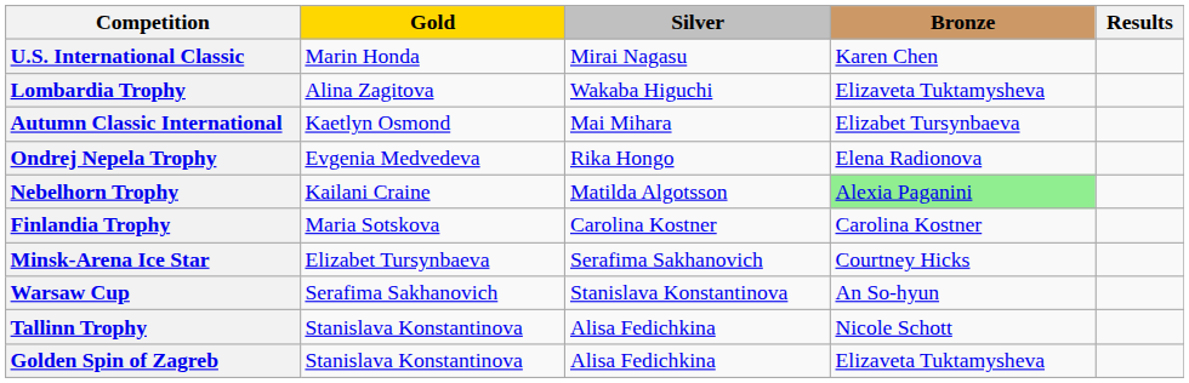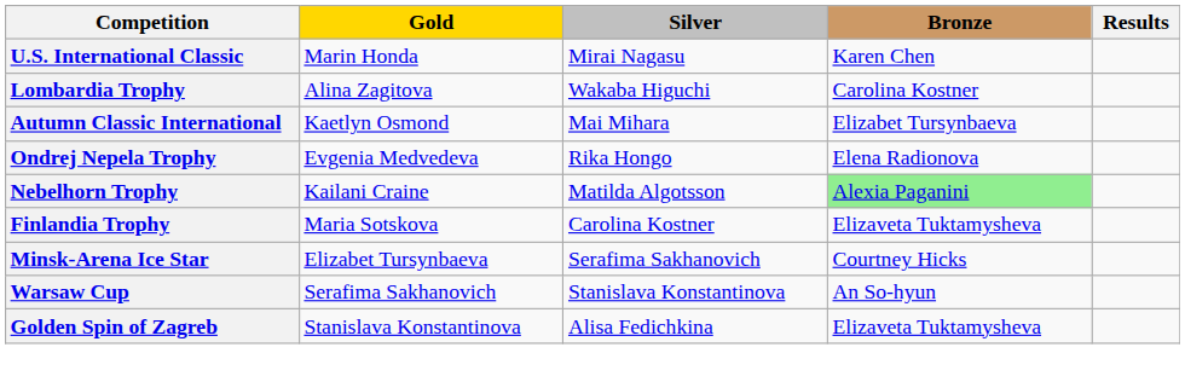 <table class="wikitable unsortable" style="text-align:left; width:100%;">
 <tr>
 <th scope="col" style="text-align:center; width:25%;">Competition</th>
 <td scope="col" style="text-align:center; width:22.5%; background:gold"><strong>Gold</strong></td>
 <td scope="col" style="text-align:center; width:22.5%; background:silver"><strong>Silver</strong></td>
 <td scope="col" style="text-align:center; width:22.5%; background:#c96"><strong>Bronze</strong></td>
 <th scope="col" style="text-align:center; width:7.5%;">Results</th>
 </tr>
 <tr>
 <th scope="row" style="text-align:left"> <a href='#'>U.S. International Classic</a></th>
 <td> <a href='#'>Marin Honda</a></td>
 <td> <a href='#'>Mirai Nagasu</a></td>
 <td> <a href='#'>Karen Chen</a></td>
 <td></td>
 </tr>
 <tr>
 <th scope="row" style="text-align:left"> <a href='#'>Lombardia Trophy</a></th>
 <td> <a href='#'>Alina Zagitova</a></td>
 <td> <a href='#'>Wakaba Higuchi</a></td>
-<td> <a href='#'>Elizaveta Tuktamysheva</a></td>
+<td> <a href='#'>Carolina Kostner</a></td>
 <td></td>
 </tr>
 <tr>
 <th scope="row" style="text-align:left"> <a href='#'>Autumn Classic International</a></th>
 <td> <a href='#'>Kaetlyn Osmond</a></td>
 <td> <a href='#'>Mai Mihara</a></td>
 <td> <a href='#'>Elizabet Tursynbaeva</a></td>
 <td></td>
 </tr>
 <tr>
 <th scope="row" style="text-align:left"> <a href='#'>Ondrej Nepela Trophy</a></th>
 <td> <a href='#'>Evgenia Medvedeva</a></td>
 <td> <a href='#'>Rika Hongo</a></td>
 <td> <a href='#'>Elena Radionova</a></td>
 <td></td>
 </tr>
 <tr>
 <th scope="row" style="text-align:left"> <a href='#'>Nebelhorn Trophy</a></th>
 <td> <a href='#'>Kailani Craine</a></td>
 <td> <a href='#'>Matilda Algotsson</a></td>
 <td style="background: lightgreen;"> <a href='#'>Alexia Paganini</a></td>
 <td></td>
 </tr>
 <tr>
 <th scope="row" style="text-align:left"> <a href='#'>Finlandia Trophy</a></th>
 <td> <a href='#'>Maria Sotskova</a></td>
 <td> <a href='#'>Carolina Kostner</a></td>
-<td> <a href='#'>Carolina Kostner</a></td>
+<td> <a href='#'>Elizaveta Tuktamysheva</a></td>
 <td></td>
 </tr>
 <tr>
 <th scope="row" style="text-align:left"> <a href='#'>Minsk-Arena Ice Star</a></th>
 <td> <a href='#'>Elizabet Tursynbaeva</a></td>
 <td> <a href='#'>Serafima Sakhanovich</a></td>
 <td> <a href='#'>Courtney Hicks</a></td>
 <td></td>
 </tr>
 <tr>
 <th scope="row" style="text-align:left"> <a href='#'>Warsaw Cup</a></th>
 <td> <a href='#'>Serafima Sakhanovich</a></td>
 <td> <a href='#'>Stanislava Konstantinova</a></td>
 <td> <a href='#'>An So-hyun</a></td>
 <td></td>
 </tr>
 <tr>
-<th scope="row" style="text-align:left"> <a href='#'>Tallinn Trophy</a></th>
-<td> <a href='#'>Stanislava Konstantinova</a></td>
-<td> <a href='#'>Alisa Fedichkina</a></td>
-<td> <a href='#'>Nicole Schott</a></td>
-<td></td>
-</tr>
-<tr>
 <th scope="row" style="text-align:left"> <a href='#'>Golden Spin of Zagreb</a></th>
 <td> <a href='#'>Stanislava Konstantinova</a></td>
 <td> <a href='#'>Alisa Fedichkina</a></td>
 <td> <a href='#'>Elizaveta Tuktamysheva</a></td>
 <td></td>
 </tr>
 </table>
